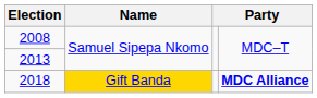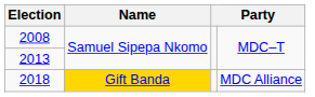 <table class="wikitable" style="text-align:center">
 <tr>
 <th>Election</th>
 <th>Name</th>
 <th colspan="2">Party</th>
 </tr>
 <tr>
 <td><a href='#'>2008</a></td>
 <td rowspan="2"><a href='#'>Samuel Sipepa Nkomo</a></td>
 <td rowspan="2" style="background-color: "></td>
 <td rowspan="2"><a href='#'>MDC–T</a></td>
 </tr>
 <tr>
 <td><a href='#'>2013</a></td>
 </tr>
 <tr>
 <td><a href='#'>2018</a></td>
 <td style="background: gold;"><a href='#'>Gift Banda</a></td>
 <td style="background-color: "></td>
-<td><strong><a href='#'>MDC Alliance</a></strong></td>
+<td><a href='#'>MDC Alliance</a></td>
 </tr>
 </table>
